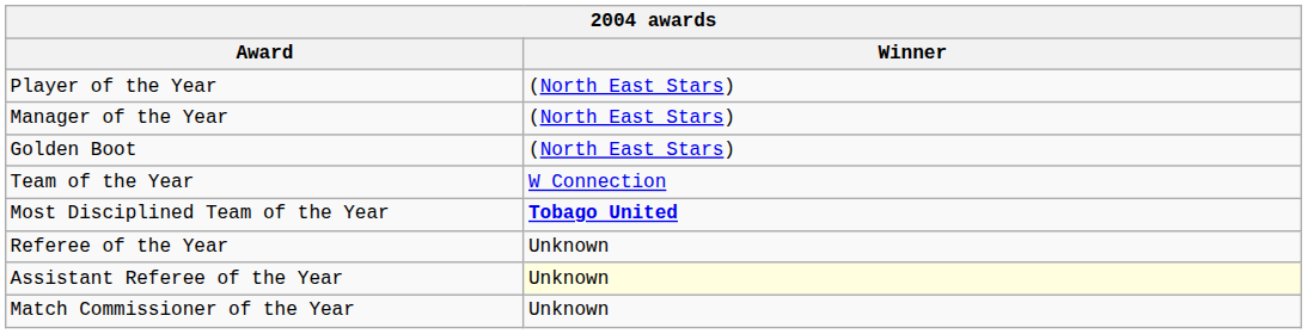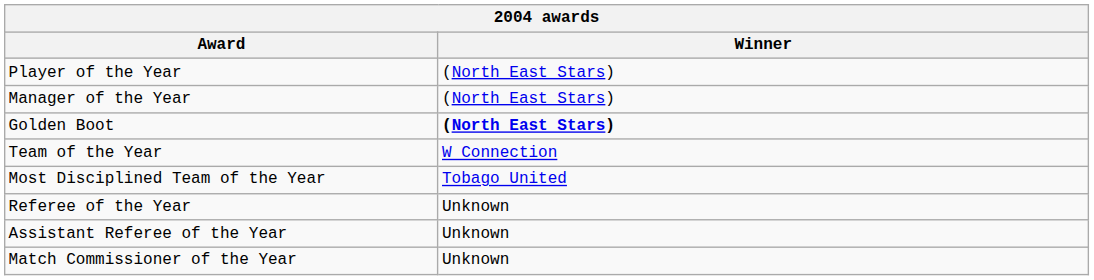 <table class="collapsible wikitable collapsed" width=50%; style="font-size:90%;">
 <tr>
 <th colspan="4">2004 awards</th>
 </tr>
 <tr>
 <th width=20%>Award</th>
 <th width=30%>Winner</th>
 </tr>
 <tr>
 <td>Player of the Year</td>
 <td>  (<a href='#'>North East Stars</a>)</td>
 </tr>
 <tr>
 <td>Manager of the Year</td>
 <td>  (<a href='#'>North East Stars</a>)</td>
 </tr>
 <tr>
 <td>Golden Boot</td>
-<td>  (<a href='#'>North East Stars</a>)</td>
+<td><strong>  (<a href='#'>North East Stars</a>)</strong></td>
 </tr>
 <tr>
 <td>Team of the Year</td>
 <td><a href='#'>W Connection</a></td>
 </tr>
 <tr>
 <td>Most Disciplined Team of the Year</td>
-<td><strong><a href='#'>Tobago United</a></strong></td>
+<td><a href='#'>Tobago United</a></td>
 </tr>
 <tr>
 <td>Referee of the Year</td>
 <td>Unknown</td>
 </tr>
 <tr>
 <td>Assistant Referee of the Year</td>
-<td style="background: lightyellow;">Unknown</td>
+<td>Unknown</td>
 </tr>
 <tr>
 <td>Match Commissioner of the Year</td>
 <td>Unknown</td>
 </tr>
 </table>
